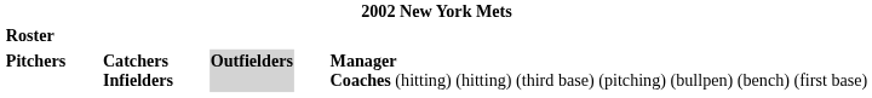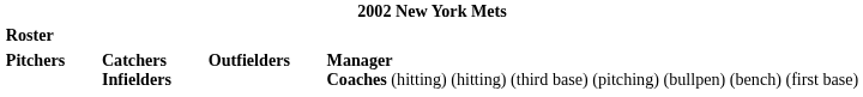 <table class="toccolours" style="font-size: 95%;">
 <tr>
 <th colspan="10">2002 New York Mets</th>
 </tr>
 <tr>
 <td colspan="10"><strong>Roster</strong></td>
 </tr>
 <tr>
 <td valign="top"><strong>Pitchers</strong><br>                        </td>
 <td width="25px"></td>
 <td valign="top"><strong>Catchers</strong><br>   <strong>Infielders</strong>        </td>
 <td width="25px"></td>
-<td valign="top" style="background: lightgrey;"><strong>Outfielders</strong><br>           </td>
+<td valign="top"><strong>Outfielders</strong><br>           </td>
 <td width="25px"></td>
 <td valign="top"><strong>Manager</strong><br> <strong>Coaches</strong>  (hitting)  (hitting)  (third base)  (pitching)   (bullpen)  (bench)  (first base)</td>
 </tr>
 </table>
